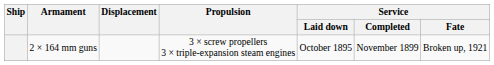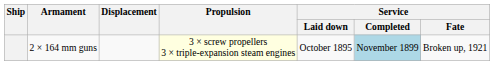 <table class="wikitable plainrowheaders" style="text-align: center;">
 <tr valign="top">
 <th scope="col" rowspan="2">Ship</th>
 <th scope="col" rowspan="2">Armament</th>
 <th scope="col" rowspan="2">Displacement</th>
 <th scope="col" rowspan="2">Propulsion</th>
 <th scope="col" colspan="3">Service</th>
 </tr>
 <tr valign="top">
 <th scope="col">Laid down</th>
 <th scope="col">Completed</th>
 <th scope="col">Fate</th>
 </tr>
 <tr valign="center">
 <th scope="row"></th>
 <td>2 × 164 mm guns</td>
 <td></td>
-<td>3 × screw propellers<br>3 × triple-expansion steam engines<br></td>
+<td style="background: lightyellow;">3 × screw propellers<br>3 × triple-expansion steam engines<br></td>
 <td>October 1895</td>
-<td>November 1899</td>
+<td style="background: lightblue;">November 1899</td>
 <td>Broken up, 1921</td>
 </tr>
 </table>
